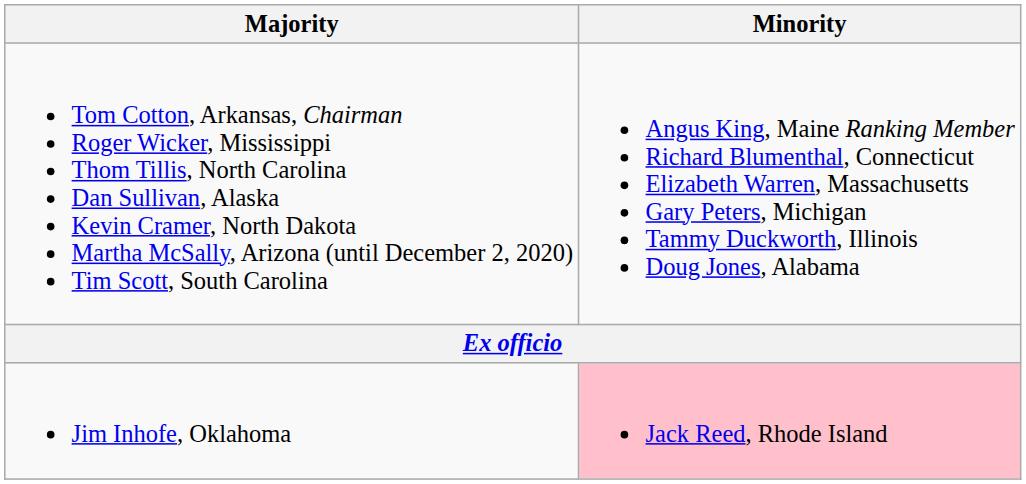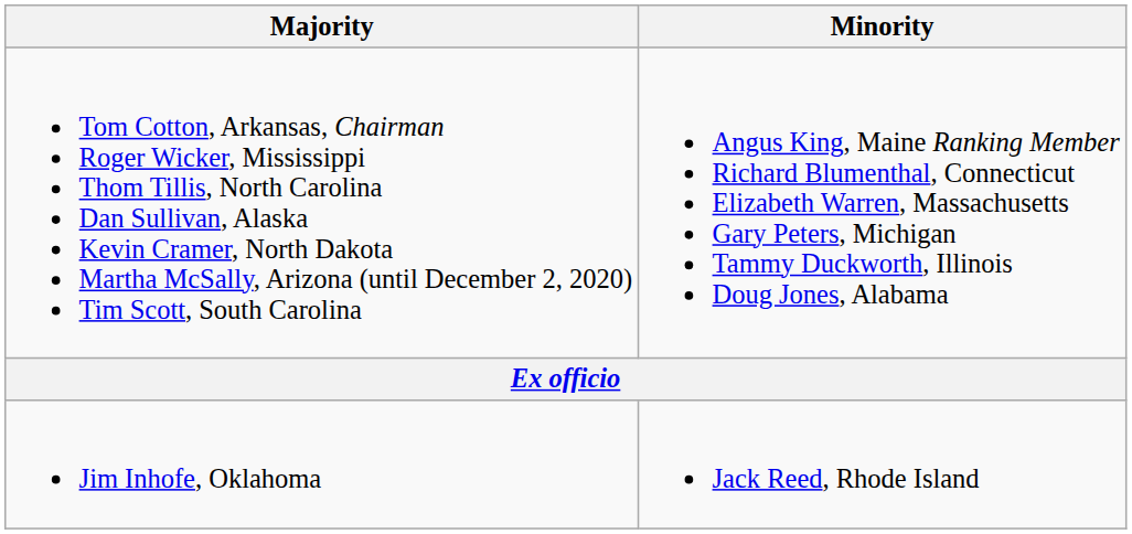 <table class=wikitable>
 <tr>
 <th>Majority</th>
 <th>Minority</th>
 </tr>
 <tr>
 <td><br><ul><li><a href='#'>Tom Cotton</a>, Arkansas, <em>Chairman</em></li><li><a href='#'>Roger Wicker</a>, Mississippi</li><li><a href='#'>Thom Tillis</a>, North Carolina</li><li><a href='#'>Dan Sullivan</a>, Alaska</li><li><a href='#'>Kevin Cramer</a>, North Dakota</li><li><a href='#'>Martha McSally</a>, Arizona (until December 2, 2020)</li><li><a href='#'>Tim Scott</a>, South Carolina</li></ul></td>
 <td><br><ul><li><span><a href='#'>Angus King</a>, Maine <em>Ranking Member</em></span></li><li><a href='#'>Richard Blumenthal</a>, Connecticut</li><li><a href='#'>Elizabeth Warren</a>, Massachusetts</li><li><a href='#'>Gary Peters</a>, Michigan</li><li><a href='#'>Tammy Duckworth</a>, Illinois</li><li><a href='#'>Doug Jones</a>, Alabama</li></ul></td>
 </tr>
 <tr>
 <th colspan=2><em><a href='#'>Ex officio</a></em></th>
 </tr>
 <tr>
 <td><br><ul><li><a href='#'>Jim Inhofe</a>, Oklahoma</li></ul></td>
-<td style="background: pink;"><br><ul><li><a href='#'>Jack Reed</a>, Rhode Island</li></ul></td>
+<td><br><ul><li><a href='#'>Jack Reed</a>, Rhode Island</li></ul></td>
 </tr>
 </table>
